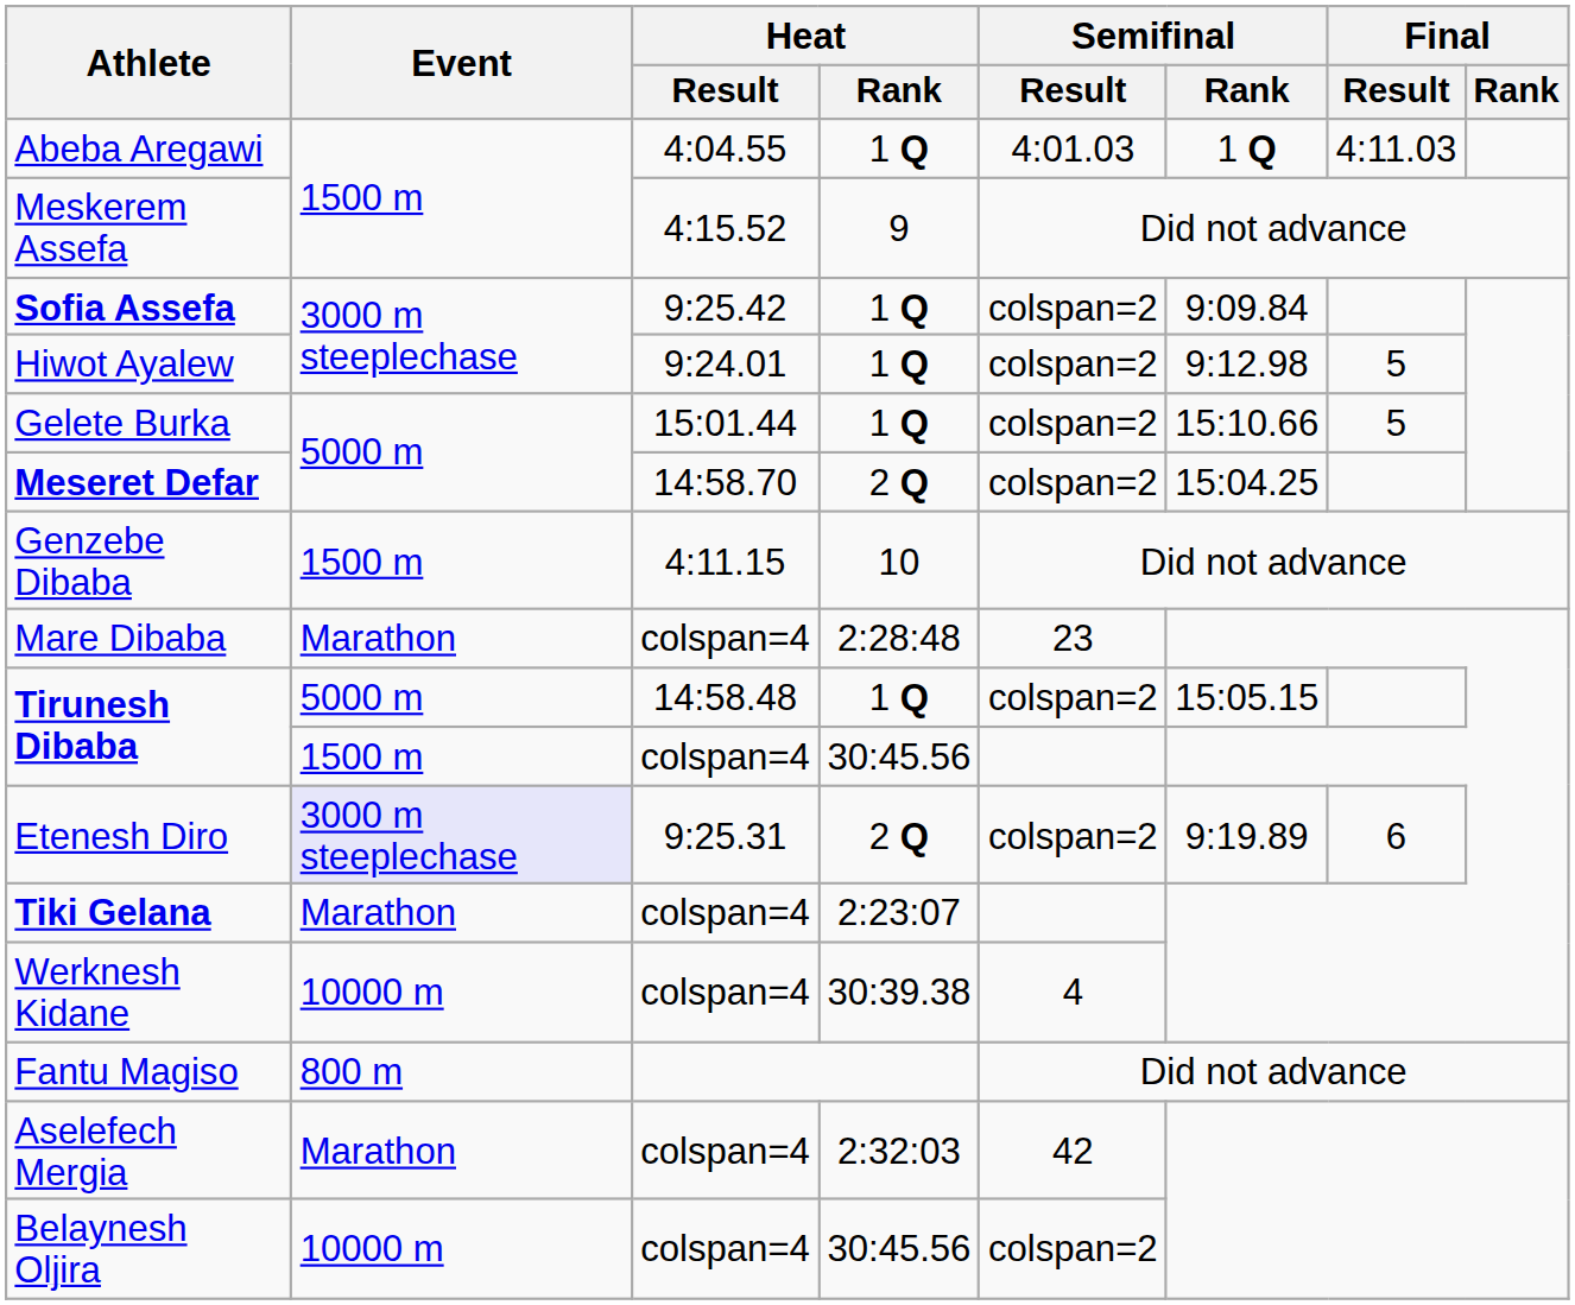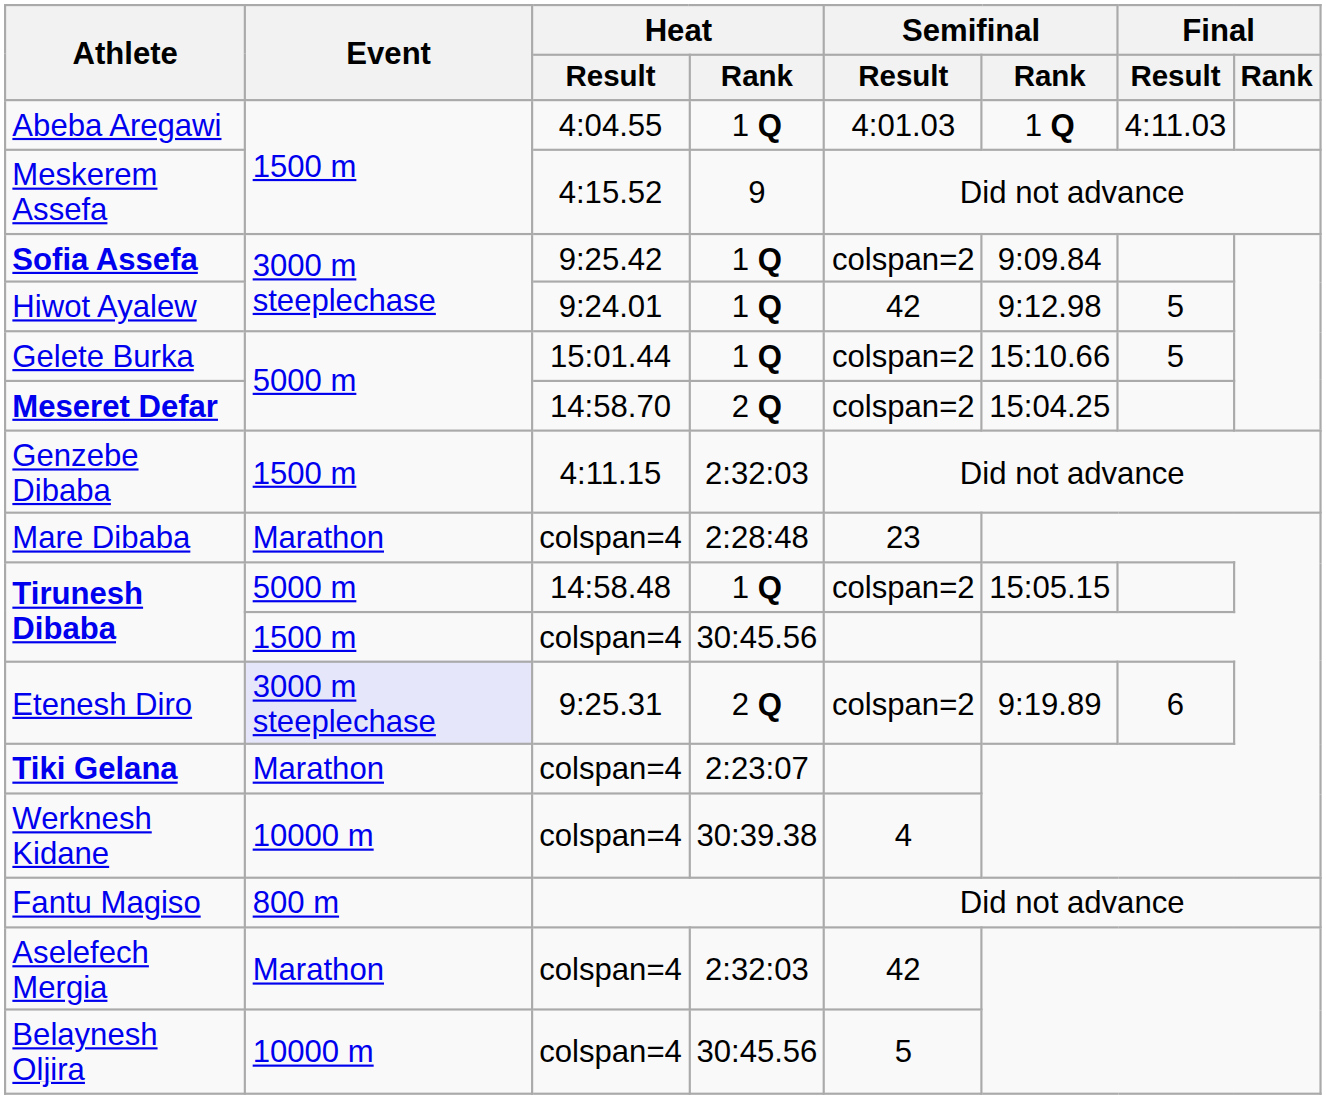 <table class="wikitable" style="font-size:90%">
 <tr>
 <th rowspan="2">Athlete</th>
 <th rowspan="2">Event</th>
 <th colspan="2">Heat</th>
 <th colspan="2">Semifinal</th>
 <th colspan="2">Final</th>
 </tr>
 <tr style="font-size:95%">
 <th>Result</th>
 <th>Rank</th>
 <th>Result</th>
 <th>Rank</th>
 <th>Result</th>
 <th>Rank</th>
 </tr>
 <tr align=center>
 <td align=left><a href='#'>Abeba Aregawi</a></td>
 <td align=left rowspan=2><a href='#'>1500 m</a></td>
 <td>4:04.55</td>
 <td>1 <strong>Q</strong></td>
 <td>4:01.03</td>
 <td>1 <strong>Q</strong></td>
 <td>4:11.03</td>
 <td></td>
 </tr>
 <tr align=center>
 <td align=left><a href='#'>Meskerem Assefa</a></td>
 <td>4:15.52</td>
 <td>9</td>
 <td colspan="4">Did not advance</td>
 </tr>
 <tr align=center>
 <td align=left><strong><a href='#'>Sofia Assefa</a></strong></td>
 <td align=left rowspan=2><a href='#'>3000 m steeplechase</a></td>
 <td>9:25.42</td>
 <td>1 <strong>Q</strong></td>
 <td>colspan=2 </td>
 <td>9:09.84</td>
 <td></td>
 </tr>
 <tr align=center>
 <td align=left><a href='#'>Hiwot Ayalew</a></td>
 <td>9:24.01</td>
 <td>1 <strong>Q</strong></td>
-<td>colspan=2 </td>
+<td>42</td>
 <td>9:12.98</td>
 <td>5</td>
 </tr>
 <tr align=center>
 <td align=left><a href='#'>Gelete Burka</a></td>
 <td align=left rowspan=2><a href='#'>5000 m</a></td>
 <td>15:01.44</td>
 <td>1 <strong>Q</strong></td>
 <td>colspan=2 </td>
 <td>15:10.66</td>
 <td>5</td>
 </tr>
 <tr align=center>
 <td align=left><strong><a href='#'>Meseret Defar</a></strong></td>
 <td>14:58.70</td>
 <td>2 <strong>Q</strong></td>
 <td>colspan=2 </td>
 <td>15:04.25</td>
 <td></td>
 </tr>
 <tr align=center>
 <td align=left><a href='#'>Genzebe Dibaba</a></td>
 <td align=left><a href='#'>1500 m</a></td>
 <td>4:11.15</td>
-<td>10</td>
+<td>2:32:03</td>
 <td colspan="4">Did not advance</td>
 </tr>
 <tr align=center>
 <td align=left><a href='#'>Mare Dibaba</a></td>
 <td align=left><a href='#'>Marathon</a></td>
 <td>colspan=4 </td>
 <td>2:28:48</td>
 <td>23</td>
 </tr>
 <tr align=center>
 <td align=left rowspan=2><strong><a href='#'>Tirunesh Dibaba</a></strong></td>
 <td align=left><a href='#'>5000 m</a></td>
 <td>14:58.48</td>
 <td>1 <strong>Q</strong></td>
 <td>colspan=2 </td>
 <td>15:05.15</td>
 <td></td>
 </tr>
 <tr align=center>
 <td align=left><a href='#'>1500 m</a></td>
 <td>colspan=4 </td>
 <td>30:45.56</td>
 <td></td>
 </tr>
 <tr align=center>
 <td align=left><a href='#'>Etenesh Diro</a></td>
 <td align=left style="background: lavender;"><a href='#'>3000 m steeplechase</a></td>
 <td>9:25.31</td>
 <td>2 <strong>Q</strong></td>
 <td>colspan=2 </td>
 <td>9:19.89</td>
 <td>6</td>
 </tr>
 <tr align=center>
 <td align=left><strong><a href='#'>Tiki Gelana</a></strong></td>
 <td align=left><a href='#'>Marathon</a></td>
 <td>colspan=4 </td>
 <td>2:23:07</td>
 <td></td>
 </tr>
 <tr align=center>
 <td align=left><a href='#'>Werknesh Kidane</a></td>
 <td align=left><a href='#'>10000 m</a></td>
 <td>colspan=4 </td>
 <td>30:39.38</td>
 <td>4</td>
 </tr>
 <tr align=center>
 <td align=left><a href='#'>Fantu Magiso</a></td>
 <td align=left><a href='#'>800 m</a></td>
 <td colspan=2></td>
 <td colspan=4>Did not advance</td>
 </tr>
 <tr align=center>
 <td align=left><a href='#'>Aselefech Mergia</a></td>
 <td align=left><a href='#'>Marathon</a></td>
 <td>colspan=4 </td>
 <td>2:32:03</td>
 <td>42</td>
 </tr>
 <tr align=center>
 <td align=left><a href='#'>Belaynesh Oljira</a></td>
 <td align=left><a href='#'>10000 m</a></td>
 <td>colspan=4 </td>
 <td>30:45.56</td>
-<td>colspan=2 </td>
+<td>5</td>
 </tr>
 </table>
